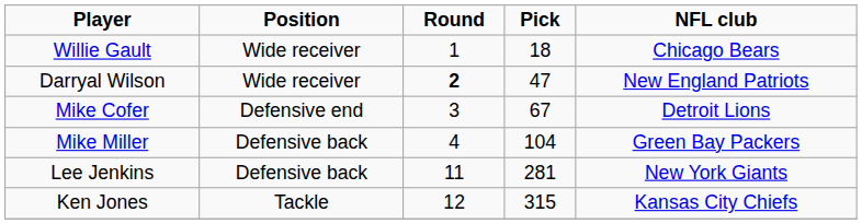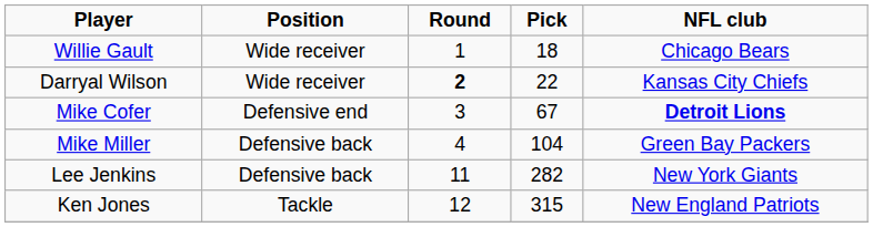 <table class="wikitable" width="80%">
 <tr align="center">
 <td><strong>Player</strong></td>
 <td><strong>Position</strong></td>
 <td><strong>Round</strong></td>
 <td><strong>Pick</strong></td>
 <td><strong>NFL club</strong></td>
 </tr>
 <tr align="center" bgcolor="">
 <td><a href='#'>Willie Gault</a></td>
 <td>Wide receiver</td>
 <td>1</td>
 <td>18</td>
 <td><a href='#'>Chicago Bears</a></td>
 </tr>
 <tr align="center" bgcolor="">
 <td>Darryal Wilson</td>
 <td>Wide receiver</td>
 <td><strong>2</strong></td>
-<td>47</td>
-<td><a href='#'>New England Patriots</a></td>
+<td>22</td>
+<td><a href='#'>Kansas City Chiefs</a></td>
 </tr>
 <tr align="center" bgcolor="">
 <td><a href='#'>Mike Cofer</a></td>
 <td>Defensive end</td>
 <td>3</td>
 <td>67</td>
-<td><a href='#'>Detroit Lions</a></td>
+<td><strong><a href='#'>Detroit Lions</a></strong></td>
 </tr>
 <tr align="center" bgcolor="">
 <td><a href='#'>Mike Miller</a></td>
 <td>Defensive back</td>
 <td>4</td>
 <td>104</td>
 <td><a href='#'>Green Bay Packers</a></td>
 </tr>
 <tr align="center" bgcolor="">
 <td>Lee Jenkins</td>
 <td>Defensive back</td>
 <td>11</td>
-<td>281</td>
+<td>282</td>
 <td><a href='#'>New York Giants</a></td>
 </tr>
 <tr align="center" bgcolor="">
 <td>Ken Jones</td>
 <td>Tackle</td>
 <td>12</td>
 <td>315</td>
-<td><a href='#'>Kansas City Chiefs</a></td>
+<td><a href='#'>New England Patriots</a></td>
 </tr>
 <tr align="center" bgcolor="">
 </tr>
 </table>
